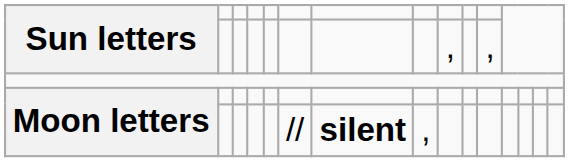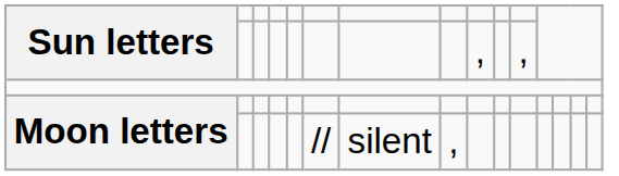 <table class="wikitable" style="text-align: center">
 <tr>
 <th rowspan="2">Sun letters</th>
 <td></td>
 <td></td>
 <td></td>
 <td></td>
 <td></td>
 <td></td>
 <td></td>
 <td></td>
 <td></td>
 <td></td>
 <td colspan="4" rowspan="2"></td>
 </tr>
 <tr>
 <td></td>
 <td></td>
 <td></td>
 <td></td>
 <td></td>
 <td></td>
 <td></td>
 <td>, </td>
 <td></td>
 <td>, </td>
 </tr>
 <tr>
 <td colspan="16"></td>
 </tr>
 <tr>
 <th rowspan="2">Moon letters</th>
 <td></td>
 <td></td>
 <td></td>
 <td></td>
 <td></td>
 <td></td>
 <td></td>
 <td></td>
 <td></td>
 <td></td>
 <td></td>
 <td></td>
 <td></td>
 <td></td>
 </tr>
 <tr>
 <td></td>
 <td></td>
 <td></td>
 <td></td>
 <td>//</td>
-<td><strong>silent</strong></td>
+<td>silent</td>
 <td>,</td>
 <td></td>
 <td></td>
 <td></td>
 <td></td>
 <td></td>
 <td></td>
 <td></td>
 </tr>
 </table>
